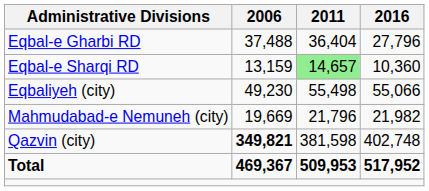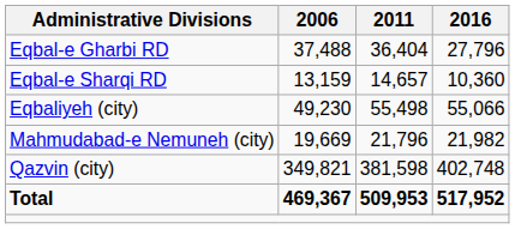 <table class="wikitable">
 <tr>
 <th>Administrative Divisions</th>
 <th>2006</th>
 <th>2011</th>
 <th>2016</th>
 </tr>
 <tr>
 <td><a href='#'>Eqbal-e Gharbi RD</a></td>
 <td style="text-align: right;">37,488</td>
 <td style="text-align: right;">36,404</td>
 <td style="text-align: right;">27,796</td>
 </tr>
 <tr>
 <td><a href='#'>Eqbal-e Sharqi RD</a></td>
 <td style="text-align: right;">13,159</td>
-<td style="background: lightgreen; text-align: right;">14,657</td>
+<td style="text-align: right;">14,657</td>
 <td style="text-align: right;">10,360</td>
 </tr>
 <tr>
 <td><a href='#'>Eqbaliyeh</a> (city)</td>
 <td style="text-align: right;">49,230</td>
 <td style="text-align: right;">55,498</td>
 <td style="text-align: right;">55,066</td>
 </tr>
 <tr>
 <td><a href='#'>Mahmudabad-e Nemuneh</a> (city)</td>
 <td style="text-align: right;">19,669</td>
 <td style="text-align: right;">21,796</td>
 <td style="text-align: right;">21,982</td>
 </tr>
 <tr>
 <td><a href='#'>Qazvin</a> (city)</td>
-<td style="text-align: right;"><strong>349,821</strong></td>
+<td style="text-align: right;">349,821</td>
 <td style="text-align: right;">381,598</td>
 <td style="text-align: right;">402,748</td>
 </tr>
 <tr>
 <td><strong>Total</strong></td>
 <td style="text-align: right;"><strong>469,367</strong></td>
 <td style="text-align: right;"><strong>509,953</strong></td>
 <td style="text-align: right;"><strong>517,952</strong></td>
 </tr>
 <tr>
 <td colspan=4></td>
 </tr>
 </table>
